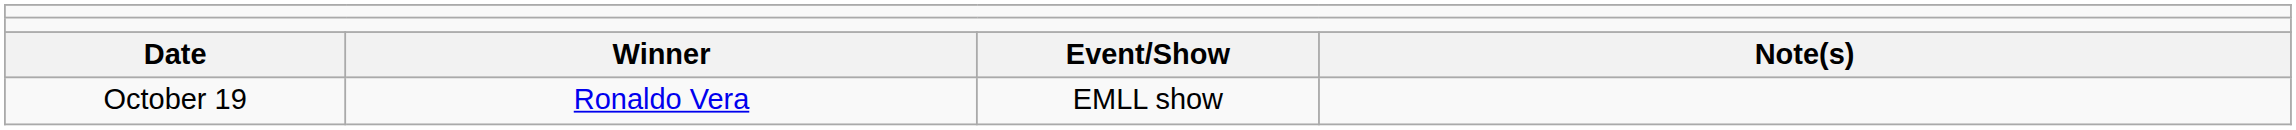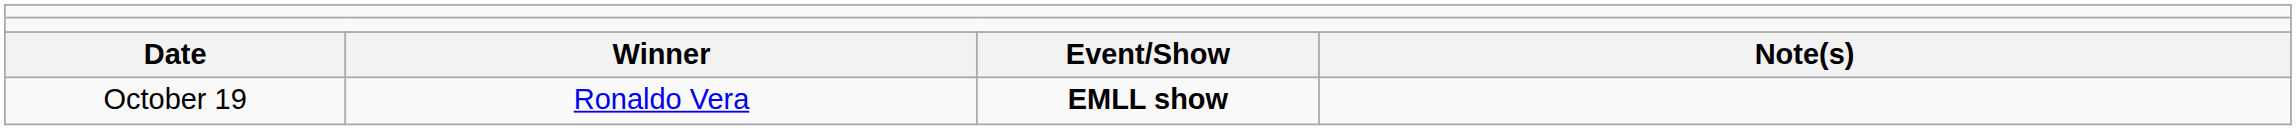 <table class="wikitable" style="text-align:center; width:100%;">
 <tr>
 <td colspan=5></td>
 </tr>
 <tr>
 <td colspan=5><strong></strong></td>
 </tr>
 <tr>
 <th width=14%>Date</th>
 <th width=26%>Winner</th>
 <th width=14%>Event/Show</th>
 <th width=40%>Note(s)</th>
 </tr>
 <tr>
 <td>October 19</td>
 <td><a href='#'>Ronaldo Vera</a></td>
-<td>EMLL show</td>
+<td><strong>EMLL show</strong></td>
 <td align=left></td>
 </tr>
 </table>
